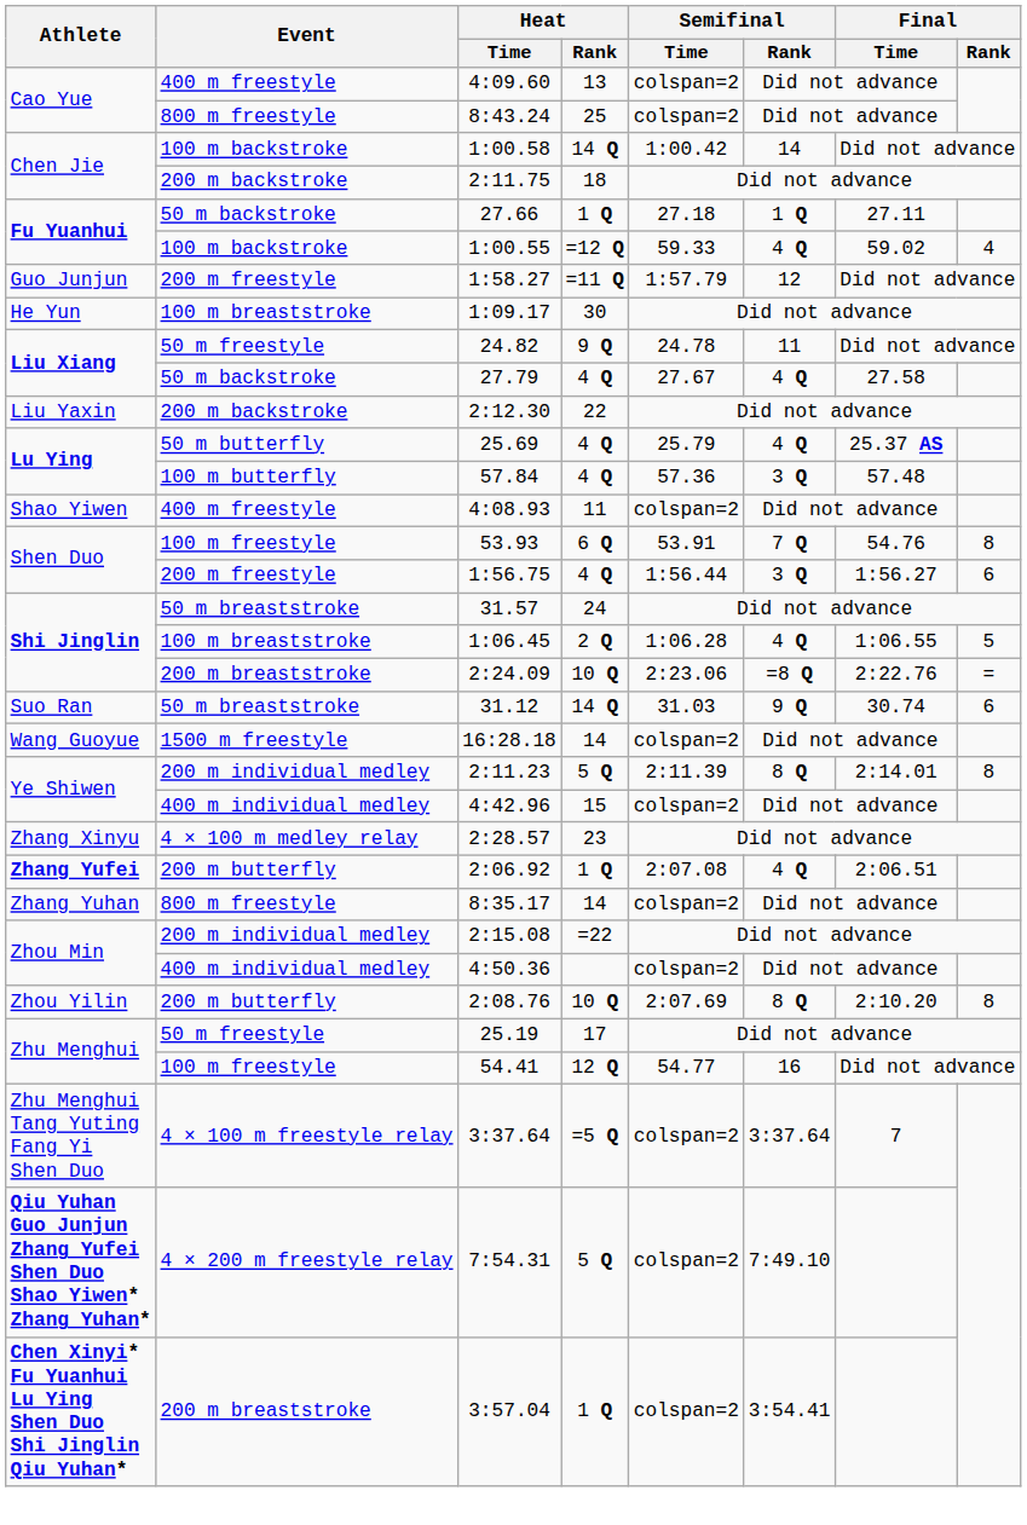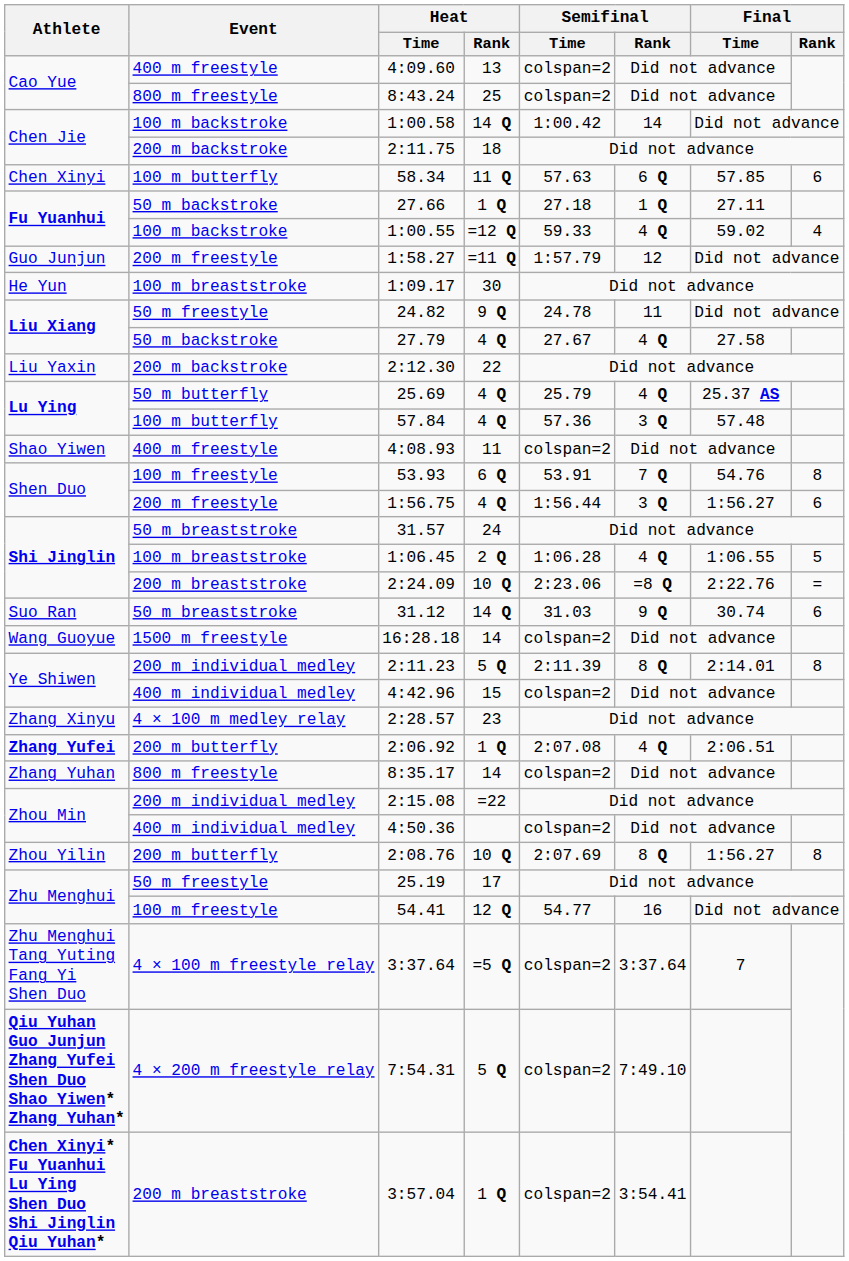 <table class=wikitable style="font-size:90%">
 <tr>
 <th rowspan="2">Athlete</th>
 <th rowspan="2">Event</th>
 <th colspan="2">Heat</th>
 <th colspan="2">Semifinal</th>
 <th colspan="2">Final</th>
 </tr>
 <tr style="font-size:95%">
 <th>Time</th>
 <th>Rank</th>
 <th>Time</th>
 <th>Rank</th>
 <th>Time</th>
 <th>Rank</th>
 </tr>
 <tr align=center>
 <td align=left rowspan=2><a href='#'>Cao Yue</a></td>
 <td align=left><a href='#'>400 m freestyle</a></td>
 <td>4:09.60</td>
 <td>13</td>
 <td>colspan=2 </td>
 <td colspan=2>Did not advance</td>
 </tr>
 <tr align=center>
 <td align=left><a href='#'>800 m freestyle</a></td>
 <td>8:43.24</td>
 <td>25</td>
 <td>colspan=2 </td>
 <td colspan=2>Did not advance</td>
 </tr>
 <tr align=center>
 <td align=left rowspan=2><a href='#'>Chen Jie</a></td>
 <td align=left><a href='#'>100 m backstroke</a></td>
 <td>1:00.58</td>
 <td>14 <strong>Q</strong></td>
 <td>1:00.42</td>
 <td>14</td>
 <td colspan=2>Did not advance</td>
 </tr>
 <tr align=center>
 <td align=left><a href='#'>200 m backstroke</a></td>
 <td>2:11.75</td>
 <td>18</td>
 <td colspan=4>Did not advance</td>
+</tr>
+<tr align=center>
+<td align=left><a href='#'>Chen Xinyi</a></td>
+<td align=left><a href='#'>100 m butterfly</a></td>
+<td>58.34</td>
+<td>11 <strong>Q</strong></td>
+<td>57.63</td>
+<td>6 <strong>Q</strong></td>
+<td>57.85</td>
+<td>6</td>
 </tr>
 <tr align=center>
 <td align=left rowspan=2><strong><a href='#'>Fu Yuanhui</a></strong></td>
 <td align=left><a href='#'>50 m backstroke</a></td>
 <td>27.66</td>
 <td>1 <strong>Q</strong></td>
 <td>27.18</td>
 <td>1 <strong>Q</strong></td>
 <td>27.11</td>
 <td></td>
 </tr>
 <tr align=center>
 <td align=left><a href='#'>100 m backstroke</a></td>
 <td>1:00.55</td>
 <td>=12 <strong>Q</strong></td>
 <td>59.33</td>
 <td>4 <strong>Q</strong></td>
 <td>59.02</td>
 <td>4</td>
 </tr>
 <tr align=center>
 <td align=left><a href='#'>Guo Junjun</a></td>
 <td align=left><a href='#'>200 m freestyle</a></td>
 <td>1:58.27</td>
 <td>=11 <strong>Q</strong></td>
 <td>1:57.79</td>
 <td>12</td>
 <td colspan=2>Did not advance</td>
 </tr>
 <tr align=center>
 <td align=left><a href='#'>He Yun</a></td>
 <td align=left><a href='#'>100 m breaststroke</a></td>
 <td>1:09.17</td>
 <td>30</td>
 <td colspan=4>Did not advance</td>
 </tr>
 <tr align=center>
 <td align=left rowspan=2><strong><a href='#'>Liu Xiang</a></strong></td>
 <td align=left><a href='#'>50 m freestyle</a></td>
 <td>24.82</td>
 <td>9 <strong>Q</strong></td>
 <td>24.78</td>
 <td>11</td>
 <td colspan=2>Did not advance</td>
 </tr>
 <tr align=center>
 <td align=left><a href='#'>50 m backstroke</a></td>
 <td>27.79</td>
 <td>4 <strong>Q</strong></td>
 <td>27.67</td>
 <td>4 <strong>Q</strong></td>
 <td>27.58</td>
 <td></td>
 </tr>
 <tr align=center>
 <td align=left><a href='#'>Liu Yaxin</a></td>
 <td align=left><a href='#'>200 m backstroke</a></td>
 <td>2:12.30</td>
 <td>22</td>
 <td colspan=4>Did not advance</td>
 </tr>
 <tr align=center>
 <td align=left rowspan=2><strong><a href='#'>Lu Ying</a></strong></td>
 <td align=left><a href='#'>50 m butterfly</a></td>
 <td>25.69</td>
 <td>4 <strong>Q</strong></td>
 <td>25.79</td>
 <td>4 <strong>Q</strong></td>
 <td>25.37 <strong><a href='#'>AS</a></strong></td>
 <td></td>
 </tr>
 <tr align=center>
 <td align=left><a href='#'>100 m butterfly</a></td>
 <td>57.84</td>
 <td>4 <strong>Q</strong></td>
 <td>57.36</td>
 <td>3 <strong>Q</strong></td>
 <td>57.48</td>
 <td></td>
 </tr>
 <tr align=center>
 <td align=left><a href='#'>Shao Yiwen</a></td>
 <td align=left><a href='#'>400 m freestyle</a></td>
 <td>4:08.93</td>
 <td>11</td>
 <td>colspan=2 </td>
 <td colspan=2>Did not advance</td>
 </tr>
 <tr align=center>
 <td align=left rowspan=2><a href='#'>Shen Duo</a></td>
 <td align=left><a href='#'>100 m freestyle</a></td>
 <td>53.93</td>
 <td>6 <strong>Q</strong></td>
 <td>53.91</td>
 <td>7 <strong>Q</strong></td>
 <td>54.76</td>
 <td>8</td>
 </tr>
 <tr align=center>
 <td align=left><a href='#'>200 m freestyle</a></td>
 <td>1:56.75</td>
 <td>4 <strong>Q</strong></td>
 <td>1:56.44</td>
 <td>3 <strong>Q</strong></td>
 <td>1:56.27</td>
 <td>6</td>
 </tr>
 <tr align=center>
 <td align=left rowspan=3><strong><a href='#'>Shi Jinglin</a></strong></td>
 <td align=left><a href='#'>50 m breaststroke</a></td>
 <td>31.57</td>
 <td>24</td>
 <td colspan=4>Did not advance</td>
 </tr>
 <tr align=center>
 <td align=left><a href='#'>100 m breaststroke</a></td>
 <td>1:06.45</td>
 <td>2 <strong>Q</strong></td>
 <td>1:06.28</td>
 <td>4 <strong>Q</strong></td>
 <td>1:06.55</td>
 <td>5</td>
 </tr>
 <tr align=center>
 <td align=left><a href='#'>200 m breaststroke</a></td>
 <td>2:24.09</td>
 <td>10 <strong>Q</strong></td>
 <td>2:23.06</td>
 <td>=8 <strong>Q</strong></td>
 <td>2:22.76</td>
 <td>=</td>
 </tr>
 <tr align=center>
 <td align=left><a href='#'>Suo Ran</a></td>
 <td align=left><a href='#'>50 m breaststroke</a></td>
 <td>31.12</td>
 <td>14 <strong>Q</strong></td>
 <td>31.03</td>
 <td>9 <strong>Q</strong></td>
 <td>30.74</td>
 <td>6</td>
 </tr>
 <tr align=center>
 <td align=left><a href='#'>Wang Guoyue</a></td>
 <td align=left><a href='#'>1500 m freestyle</a></td>
 <td>16:28.18</td>
 <td>14</td>
 <td>colspan=2 </td>
 <td colspan=2>Did not advance</td>
 </tr>
 <tr align=center>
 <td align=left rowspan=2><a href='#'>Ye Shiwen</a></td>
 <td align=left><a href='#'>200 m individual medley</a></td>
 <td>2:11.23</td>
 <td>5 <strong>Q</strong></td>
 <td>2:11.39</td>
 <td>8 <strong>Q</strong></td>
 <td>2:14.01</td>
 <td>8</td>
 </tr>
 <tr align=center>
 <td align=left><a href='#'>400 m individual medley</a></td>
 <td>4:42.96</td>
 <td>15</td>
 <td>colspan=2 </td>
 <td colspan=2>Did not advance</td>
 </tr>
 <tr align=center>
 <td align=left><a href='#'>Zhang Xinyu</a></td>
 <td align=left><a href='#'>4 × 100 m medley relay</a></td>
 <td>2:28.57</td>
 <td>23</td>
 <td colspan=4>Did not advance</td>
 </tr>
 <tr align=center>
 <td align=left><strong><a href='#'>Zhang Yufei</a></strong></td>
 <td align=left><a href='#'>200 m butterfly</a></td>
 <td>2:06.92</td>
 <td>1 <strong>Q</strong></td>
 <td>2:07.08</td>
 <td>4 <strong>Q</strong></td>
 <td>2:06.51</td>
 <td></td>
 </tr>
 <tr align=center>
 <td align=left><a href='#'>Zhang Yuhan</a></td>
 <td align=left><a href='#'>800 m freestyle</a></td>
 <td>8:35.17</td>
 <td>14</td>
 <td>colspan=2 </td>
 <td colspan=2>Did not advance</td>
 </tr>
 <tr align=center>
 <td align=left rowspan=2><a href='#'>Zhou Min</a></td>
 <td align=left><a href='#'>200 m individual medley</a></td>
 <td>2:15.08</td>
 <td>=22</td>
 <td colspan=4>Did not advance</td>
 </tr>
 <tr align=center>
 <td align=left><a href='#'>400 m individual medley</a></td>
 <td>4:50.36</td>
 <td 27></td>
 <td>colspan=2 </td>
 <td colspan=2>Did not advance</td>
 </tr>
 <tr align=center>
 <td align=left><a href='#'>Zhou Yilin</a></td>
 <td align=left><a href='#'>200 m butterfly</a></td>
 <td>2:08.76</td>
 <td>10 <strong>Q</strong></td>
 <td>2:07.69</td>
 <td>8 <strong>Q</strong></td>
-<td>2:10.20</td>
+<td>1:56.27</td>
 <td>8</td>
 </tr>
 <tr align=center>
 <td align=left rowspan=2><a href='#'>Zhu Menghui</a></td>
 <td align=left><a href='#'>50 m freestyle</a></td>
 <td>25.19</td>
 <td>17</td>
 <td colspan=4>Did not advance</td>
 </tr>
 <tr align=center>
 <td align=left><a href='#'>100 m freestyle</a></td>
 <td>54.41</td>
 <td>12 <strong>Q</strong></td>
 <td>54.77</td>
 <td>16</td>
 <td colspan=2>Did not advance</td>
 </tr>
 <tr align=center>
 <td align=left><a href='#'>Zhu Menghui</a><br><a href='#'>Tang Yuting</a><br><a href='#'>Fang Yi</a><br><a href='#'>Shen Duo</a></td>
 <td align=left><a href='#'>4 × 100 m freestyle relay</a></td>
 <td>3:37.64</td>
 <td>=5 <strong>Q</strong></td>
 <td>colspan=2 </td>
 <td>3:37.64</td>
 <td>7</td>
 </tr>
 <tr align=center>
 <td align=left><strong><a href='#'>Qiu Yuhan</a><br><a href='#'>Guo Junjun</a><br><a href='#'>Zhang Yufei</a><br><a href='#'>Shen Duo</a><br><a href='#'>Shao Yiwen</a>*<br><a href='#'>Zhang Yuhan</a>*</strong></td>
 <td align=left><a href='#'>4 × 200 m freestyle relay</a></td>
 <td>7:54.31</td>
 <td>5 <strong>Q</strong></td>
 <td>colspan=2 </td>
 <td>7:49.10</td>
 <td></td>
 </tr>
 <tr align=center>
 <td align=left><strong><a href='#'>Chen Xinyi</a>*<br><a href='#'>Fu Yuanhui</a><br><a href='#'>Lu Ying</a><br><a href='#'>Shen Duo</a><br><a href='#'>Shi Jinglin</a><br><a href='#'>Qiu Yuhan</a>*</strong></td>
 <td align=left><a href='#'>200 m breaststroke</a></td>
 <td>3:57.04</td>
 <td>1 <strong>Q</strong></td>
 <td>colspan=2 </td>
 <td>3:54.41</td>
 <td></td>
 </tr>
 </table>
